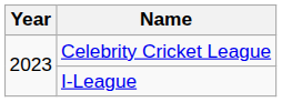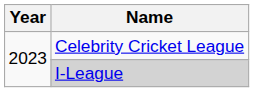 <table class="wikitable">
 <tr>
 <th>Year</th>
 <th>Name</th>
 </tr>
 <tr>
 <td rowspan="2">2023</td>
 <td><a href='#'>Celebrity Cricket League</a></td>
 </tr>
 <tr>
-<td><a href='#'>I-League</a></td>
+<td style="background: lightgrey;"><a href='#'>I-League</a></td>
 </tr>
 </table>
